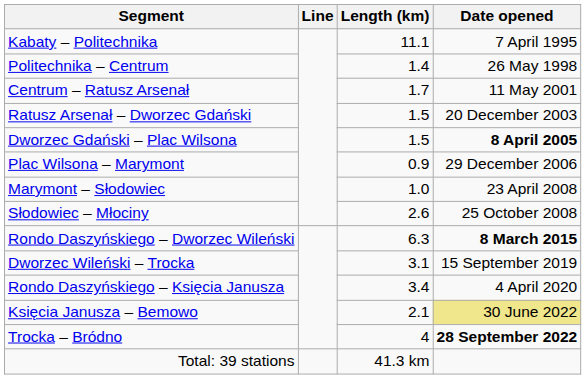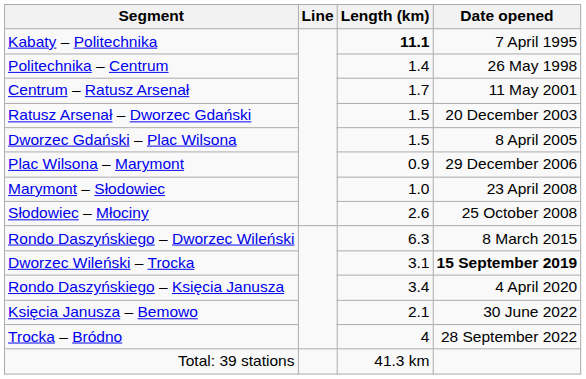 <table class="wikitable" style="border-collapse: collapse; text-align: right;">
 <tr>
 <th>Segment</th>
 <th>Line</th>
 <th>Length (km)</th>
 <th>Date opened</th>
 </tr>
 <tr>
 <td style="text-align: left;"><a href='#'>Kabaty</a> – <a href='#'>Politechnika</a></td>
 <td rowspan="8" style="background: #"></td>
-<td>11.1</td>
+<td><strong>11.1</strong></td>
 <td>7 April 1995</td>
 </tr>
 <tr>
 <td style="text-align: left;"><a href='#'>Politechnika</a> – <a href='#'>Centrum</a></td>
 <td>1.4</td>
 <td>26 May 1998</td>
 </tr>
 <tr>
 <td style="text-align: left;"><a href='#'>Centrum</a> – <a href='#'>Ratusz Arsenał</a></td>
 <td>1.7</td>
 <td>11 May 2001</td>
 </tr>
 <tr>
 <td style="text-align: left;"><a href='#'>Ratusz Arsenał</a> – <a href='#'>Dworzec Gdański</a></td>
 <td>1.5</td>
 <td>20 December 2003</td>
 </tr>
 <tr>
 <td style="text-align: left;"><a href='#'>Dworzec Gdański</a> – <a href='#'>Plac Wilsona</a></td>
 <td>1.5</td>
-<td><strong>8 April 2005</strong></td>
+<td>8 April 2005</td>
 </tr>
 <tr>
 <td style="text-align: left;"><a href='#'>Plac Wilsona</a> – <a href='#'>Marymont</a></td>
 <td>0.9</td>
 <td>29 December 2006</td>
 </tr>
 <tr>
 <td style="text-align: left;"><a href='#'>Marymont</a> – <a href='#'>Słodowiec</a></td>
 <td>1.0</td>
 <td>23 April 2008</td>
 </tr>
 <tr>
 <td style="text-align: left;"><a href='#'>Słodowiec</a> – <a href='#'>Młociny</a></td>
 <td>2.6</td>
 <td>25 October 2008</td>
 </tr>
 <tr>
 <td style="text-align: left;"><a href='#'>Rondo Daszyńskiego</a> – <a href='#'>Dworzec Wileński</a></td>
 <td rowspan="5" style="background: #"></td>
 <td>6.3</td>
-<td><strong>8 March 2015</strong></td>
+<td>8 March 2015</td>
 </tr>
 <tr>
 <td style="text-align: left;"><a href='#'>Dworzec Wileński</a> – <a href='#'>Trocka</a></td>
 <td>3.1</td>
-<td>15 September 2019</td>
+<td><strong>15 September 2019</strong></td>
 </tr>
 <tr>
 <td style="text-align: left;"><a href='#'>Rondo Daszyńskiego</a> – <a href='#'>Księcia Janusza</a></td>
 <td>3.4</td>
 <td>4 April 2020</td>
 </tr>
 <tr>
 <td style="text-align: left;"><a href='#'>Księcia Janusza</a> – <a href='#'>Bemowo</a></td>
 <td>2.1</td>
-<td style="background: khaki;">30 June 2022</td>
+<td>30 June 2022</td>
 </tr>
 <tr>
 <td style="text-align: left;"><a href='#'>Trocka</a> – <a href='#'>Bródno</a></td>
 <td>4</td>
-<td><strong>28 September 2022</strong></td>
+<td>28 September 2022</td>
 </tr>
 <tr>
 <td>Total: 39 stations</td>
 <td></td>
 <td>41.3 km</td>
 <td></td>
 </tr>
 </table>
